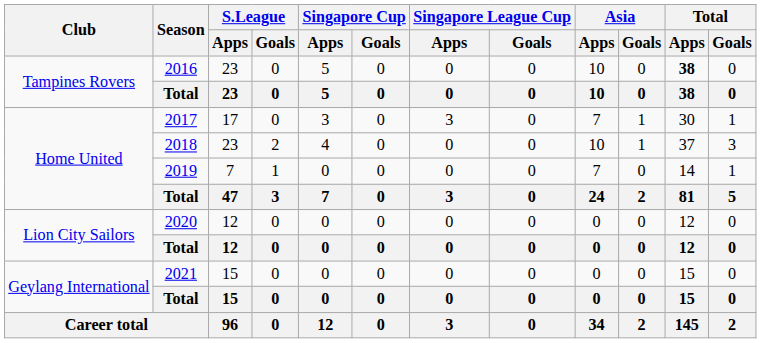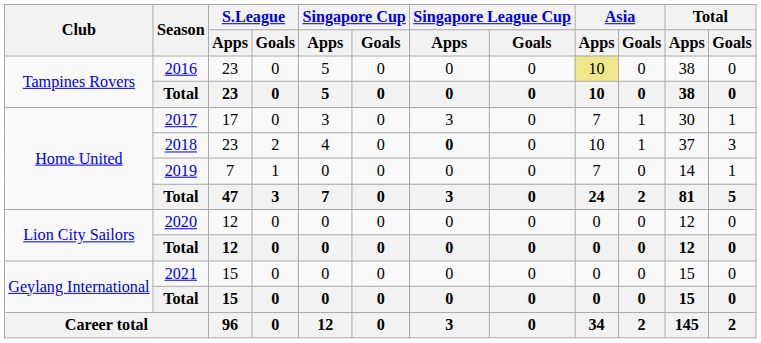 <table style="text-align:center" class="wikitable">
 <tr>
 <th rowspan="2">Club</th>
 <th rowspan="2">Season</th>
 <th colspan="2"><a href='#'>S.League</a></th>
 <th colspan="2"><a href='#'>Singapore Cup</a></th>
 <th colspan="2"><a href='#'>Singapore League Cup</a></th>
 <th colspan="2"><a href='#'>Asia</a></th>
 <th colspan="2">Total</th>
 </tr>
 <tr>
 <th>Apps</th>
 <th>Goals</th>
 <th>Apps</th>
 <th>Goals</th>
 <th>Apps</th>
 <th>Goals</th>
 <th>Apps</th>
 <th>Goals</th>
 <th>Apps</th>
 <th>Goals</th>
 </tr>
 <tr>
 <td rowspan="2"><a href='#'>Tampines Rovers</a></td>
 <td><a href='#'>2016</a></td>
 <td>23</td>
 <td>0</td>
 <td>5</td>
 <td>0</td>
 <td>0</td>
 <td>0</td>
-<td>10</td>
+<td style="background: khaki;">10</td>
 <td>0</td>
-<td><strong>38</strong></td>
+<td>38</td>
 <td>0</td>
 </tr>
 <tr>
 <th>Total</th>
 <th>23</th>
 <th>0</th>
 <th>5</th>
 <th>0</th>
 <th>0</th>
 <th>0</th>
 <th>10</th>
 <th>0</th>
 <th>38</th>
 <th>0</th>
 </tr>
 <tr>
 <td rowspan="4"><a href='#'>Home United</a></td>
 <td><a href='#'>2017</a></td>
 <td>17</td>
 <td>0</td>
 <td>3</td>
 <td>0</td>
 <td>3</td>
 <td>0</td>
 <td>7</td>
 <td>1</td>
 <td>30</td>
 <td>1</td>
 </tr>
 <tr>
 <td><a href='#'>2018</a></td>
 <td>23</td>
 <td>2</td>
 <td>4</td>
 <td>0</td>
-<td>0</td>
+<td><strong>0</strong></td>
 <td>0</td>
 <td>10</td>
 <td>1</td>
 <td>37</td>
 <td>3</td>
 </tr>
 <tr>
 <td><a href='#'>2019</a></td>
 <td>7</td>
 <td>1</td>
 <td>0</td>
 <td>0</td>
 <td>0</td>
 <td>0</td>
 <td>7</td>
 <td>0</td>
 <td>14</td>
 <td>1</td>
 </tr>
 <tr>
 <th>Total</th>
 <th>47</th>
 <th>3</th>
 <th>7</th>
 <th>0</th>
 <th>3</th>
 <th>0</th>
 <th>24</th>
 <th>2</th>
 <th>81</th>
 <th>5</th>
 </tr>
 <tr>
 <td rowspan="2"><a href='#'>Lion City Sailors</a></td>
 <td><a href='#'>2020</a></td>
 <td>12</td>
 <td>0</td>
 <td>0</td>
 <td>0</td>
 <td>0</td>
 <td>0</td>
 <td>0</td>
 <td>0</td>
 <td>12</td>
 <td>0</td>
 </tr>
 <tr>
 <th>Total</th>
 <th>12</th>
 <th>0</th>
 <th>0</th>
 <th>0</th>
 <th>0</th>
 <th>0</th>
 <th>0</th>
 <th>0</th>
 <th>12</th>
 <th>0</th>
 </tr>
 <tr>
 <td rowspan="2"><a href='#'>Geylang International</a></td>
 <td><a href='#'>2021</a></td>
 <td>15</td>
 <td>0</td>
 <td>0</td>
 <td>0</td>
 <td>0</td>
 <td>0</td>
 <td>0</td>
 <td>0</td>
 <td>15</td>
 <td>0</td>
 </tr>
 <tr>
 <th>Total</th>
 <th>15</th>
 <th>0</th>
 <th>0</th>
 <th>0</th>
 <th>0</th>
 <th>0</th>
 <th>0</th>
 <th>0</th>
 <th>15</th>
 <th>0</th>
 </tr>
 <tr>
 <th colspan=2>Career total</th>
 <th>96</th>
 <th>0</th>
 <th>12</th>
 <th>0</th>
 <th>3</th>
 <th>0</th>
 <th>34</th>
 <th>2</th>
 <th>145</th>
 <th>2</th>
 </tr>
 </table>
